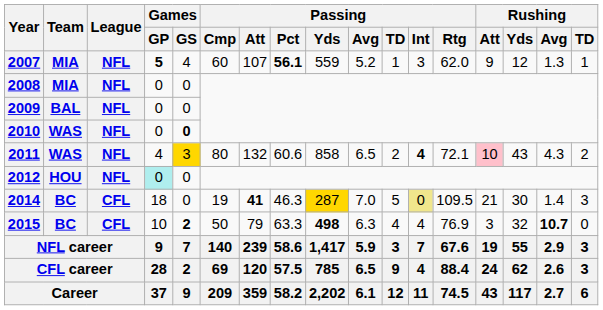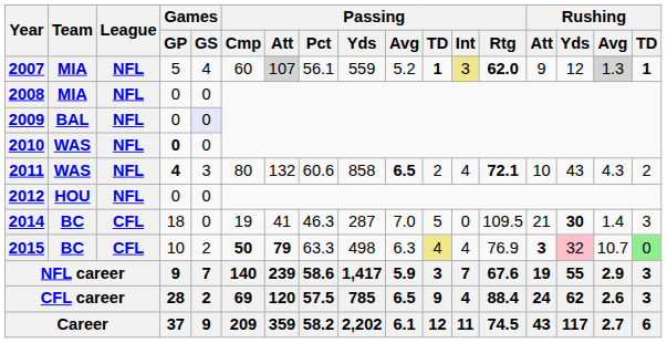 <table class="wikitable" style="text-align: center;">
 <tr>
 <th rowspan="2">Year</th>
 <th rowspan="2">Team</th>
 <th rowspan="2">League</th>
 <th colspan="2">Games</th>
 <th colspan="8">Passing</th>
 <th colspan="4">Rushing</th>
 </tr>
 <tr>
 <th>GP</th>
 <th>GS</th>
 <th>Cmp</th>
 <th>Att</th>
 <th>Pct</th>
 <th>Yds</th>
 <th>Avg</th>
 <th>TD</th>
 <th>Int</th>
 <th>Rtg</th>
 <th>Att</th>
 <th>Yds</th>
 <th>Avg</th>
 <th>TD</th>
 </tr>
 <tr>
 <th><a href='#'>2007</a></th>
 <th><a href='#'>MIA</a></th>
 <th><a href='#'>NFL</a></th>
-<td><strong>5</strong></td>
+<td>5</td>
 <td>4</td>
 <td>60</td>
-<td>107</td>
-<td><strong>56.1</strong></td>
+<td style="background: lightgrey;">107</td>
+<td>56.1</td>
 <td>559</td>
 <td>5.2</td>
-<td>1</td>
-<td>3</td>
-<td>62.0</td>
+<td><strong>1</strong></td>
+<td style="background: khaki;">3</td>
+<td><strong>62.0</strong></td>
 <td>9</td>
 <td>12</td>
-<td>1.3</td>
-<td>1</td>
+<td style="background: lightgrey;">1.3</td>
+<td><strong>1</strong></td>
 </tr>
 <tr>
 <th><a href='#'>2008</a></th>
 <th><a href='#'>MIA</a></th>
 <th><a href='#'>NFL</a></th>
 <td>0</td>
 <td>0</td>
 <td colspan="12" rowspan="3"></td>
 </tr>
 <tr>
 <th><a href='#'>2009</a></th>
 <th><a href='#'>BAL</a></th>
 <th><a href='#'>NFL</a></th>
 <td>0</td>
-<td>0</td>
+<td style="background: lavender;">0</td>
 </tr>
 <tr>
 <th><a href='#'>2010</a></th>
 <th><a href='#'>WAS</a></th>
 <th><a href='#'>NFL</a></th>
+<td><strong>0</strong></td>
 <td>0</td>
-<td><strong>0</strong></td>
 </tr>
 <tr>
 <th><a href='#'>2011</a></th>
 <th><a href='#'>WAS</a></th>
 <th><a href='#'>NFL</a></th>
-<td>4</td>
-<td style="background: gold;">3</td>
+<td><strong>4</strong></td>
+<td>3</td>
 <td>80</td>
 <td>132</td>
 <td>60.6</td>
 <td>858</td>
-<td>6.5</td>
+<td><strong>6.5</strong></td>
 <td>2</td>
-<td><strong>4</strong></td>
-<td>72.1</td>
-<td style="background: pink;">10</td>
+<td>4</td>
+<td><strong>72.1</strong></td>
+<td>10</td>
 <td>43</td>
 <td>4.3</td>
 <td>2</td>
 </tr>
 <tr>
 <th><a href='#'>2012</a></th>
 <th><a href='#'>HOU</a></th>
 <th><a href='#'>NFL</a></th>
-<td style="background: paleturquoise;">0</td>
+<td>0</td>
 <td>0</td>
 <td colspan="12"></td>
 </tr>
 <tr>
 <th><a href='#'>2014</a></th>
 <th><a href='#'>BC</a></th>
 <th><a href='#'>CFL</a></th>
 <td>18</td>
 <td>0</td>
 <td>19</td>
-<td><strong>41</strong></td>
+<td>41</td>
 <td>46.3</td>
-<td style="background: gold;">287</td>
+<td>287</td>
 <td>7.0</td>
 <td>5</td>
-<td style="background: khaki;">0</td>
+<td>0</td>
 <td>109.5</td>
 <td>21</td>
-<td>30</td>
+<td><strong>30</strong></td>
 <td>1.4</td>
 <td>3</td>
 </tr>
 <tr>
 <th><a href='#'>2015</a></th>
 <th><a href='#'>BC</a></th>
 <th><a href='#'>CFL</a></th>
 <td>10</td>
-<td><strong>2</strong></td>
-<td>50</td>
-<td>79</td>
+<td>2</td>
+<td><strong>50</strong></td>
+<td><strong>79</strong></td>
 <td>63.3</td>
-<td><strong>498</strong></td>
+<td>498</td>
 <td>6.3</td>
-<td>4</td>
+<td style="background: khaki;">4</td>
 <td>4</td>
 <td>76.9</td>
-<td>3</td>
-<td>32</td>
-<td><strong>10.7</strong></td>
-<td>0</td>
+<td><strong>3</strong></td>
+<td style="background: pink;">32</td>
+<td>10.7</td>
+<td style="background: lightgreen;">0</td>
 </tr>
 <tr>
 <th colspan="3"><a href='#'>NFL</a> career</th>
 <th>9</th>
 <th>7</th>
 <th>140</th>
 <th>239</th>
 <th>58.6</th>
 <th>1,417</th>
 <th>5.9</th>
 <th>3</th>
 <th>7</th>
 <th>67.6</th>
 <th>19</th>
 <th>55</th>
 <th>2.9</th>
 <th>3</th>
 </tr>
 <tr>
 <th colspan="3"><a href='#'>CFL</a> career</th>
 <th>28</th>
 <th>2</th>
 <th>69</th>
 <th>120</th>
 <th>57.5</th>
 <th>785</th>
 <th>6.5</th>
 <th>9</th>
 <th>4</th>
 <th>88.4</th>
 <th>24</th>
 <th>62</th>
 <th>2.6</th>
 <th>3</th>
 </tr>
 <tr>
 <th colspan="3">Career</th>
 <th>37</th>
 <th>9</th>
 <th>209</th>
 <th>359</th>
 <th>58.2</th>
 <th>2,202</th>
 <th>6.1</th>
 <th>12</th>
 <th>11</th>
 <th>74.5</th>
 <th>43</th>
 <th>117</th>
 <th>2.7</th>
 <th>6</th>
 </tr>
 </table>
